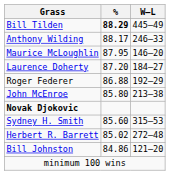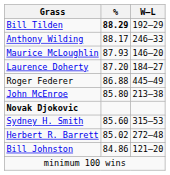 <table class=wikitable style="display:inline-table; font-size: 95%;">
 <tr>
 <th>Grass</th>
 <th>%</th>
 <th>W–L</th>
 </tr>
 <tr>
 <td> <a href='#'>Bill Tilden</a></td>
 <td><strong>88.29</strong></td>
-<td>445–49</td>
+<td>192–29</td>
 </tr>
 <tr>
 <td> <a href='#'>Anthony Wilding</a></td>
 <td>88.17</td>
 <td>246–33</td>
 </tr>
 <tr>
 <td> <a href='#'>Maurice McLoughlin</a></td>
-<td>87.95</td>
+<td>87.93</td>
 <td>146–20</td>
 </tr>
 <tr>
 <td> <a href='#'>Laurence Doherty</a></td>
 <td>87.20</td>
 <td>184–27</td>
 </tr>
 <tr>
 <td> Roger Federer</td>
 <td>86.88</td>
-<td>192–29</td>
+<td>445–49</td>
 </tr>
 <tr>
 <td> <a href='#'>John McEnroe</a></td>
 <td>85.80</td>
 <td>213–38</td>
 </tr>
 <tr>
 <td> <strong>Novak Djokovic</strong></td>
 <td></td>
 </tr>
 <tr>
 <td> <a href='#'>Sydney H. Smith</a></td>
 <td>85.60</td>
 <td>315–53</td>
 </tr>
 <tr>
 <td> <a href='#'>Herbert R. Barrett</a></td>
 <td>85.02</td>
 <td>272–48</td>
 </tr>
 <tr>
 <td> <a href='#'>Bill Johnston</a></td>
 <td>84.86</td>
 <td>121–20</td>
 </tr>
 <tr>
 <td style="text-align:center;" colspan="3">minimum 100 wins</td>
 </tr>
 </table>
